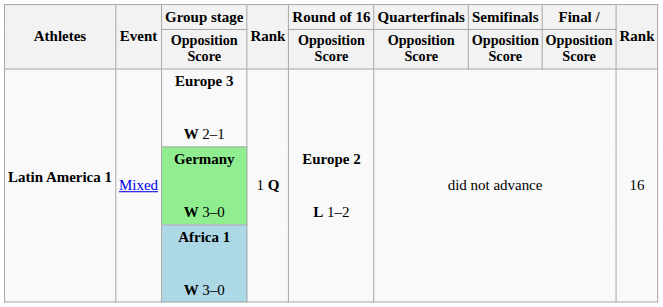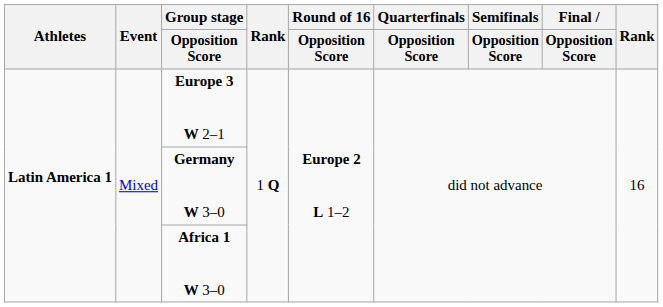 <table class=wikitable style="font-size:90%">
 <tr>
 <th rowspan="2">Athletes</th>
 <th rowspan="2">Event</th>
 <th>Group stage</th>
 <th rowspan="2">Rank</th>
 <th>Round of 16</th>
 <th>Quarterfinals</th>
 <th>Semifinals</th>
 <th>Final / </th>
 <th rowspan=2>Rank</th>
 </tr>
 <tr style="font-size:95%">
 <th>Opposition<br>Score</th>
 <th>Opposition<br>Score</th>
 <th>Opposition<br>Score</th>
 <th>Opposition<br>Score</th>
 <th>Opposition<br>Score</th>
 </tr>
 <tr align=center>
 <td align=left rowspan=3><strong>Latin America 1</strong><br><br></td>
 <td align=left rowspan=3><a href='#'>Mixed</a></td>
 <td><strong>Europe 3</strong><br><br><br><strong>W</strong> 2–1</td>
 <td rowspan=3>1 <strong>Q</strong></td>
 <td rowspan=3><strong>Europe 2</strong><br><br><br><strong>L</strong> 1–2</td>
 <td rowspan=3 colspan=3>did not advance</td>
 <td rowspan=3>16</td>
 </tr>
 <tr align=center>
-<td style="background: lightgreen;"><strong>Germany</strong><br><br><br><strong>W</strong> 3–0</td>
+<td><strong>Germany</strong><br><br><br><strong>W</strong> 3–0</td>
 </tr>
 <tr align=center>
-<td style="background: lightblue;"><strong>Africa 1</strong><br><br><br><strong>W</strong> 3–0</td>
+<td><strong>Africa 1</strong><br><br><br><strong>W</strong> 3–0</td>
 </tr>
 </table>
